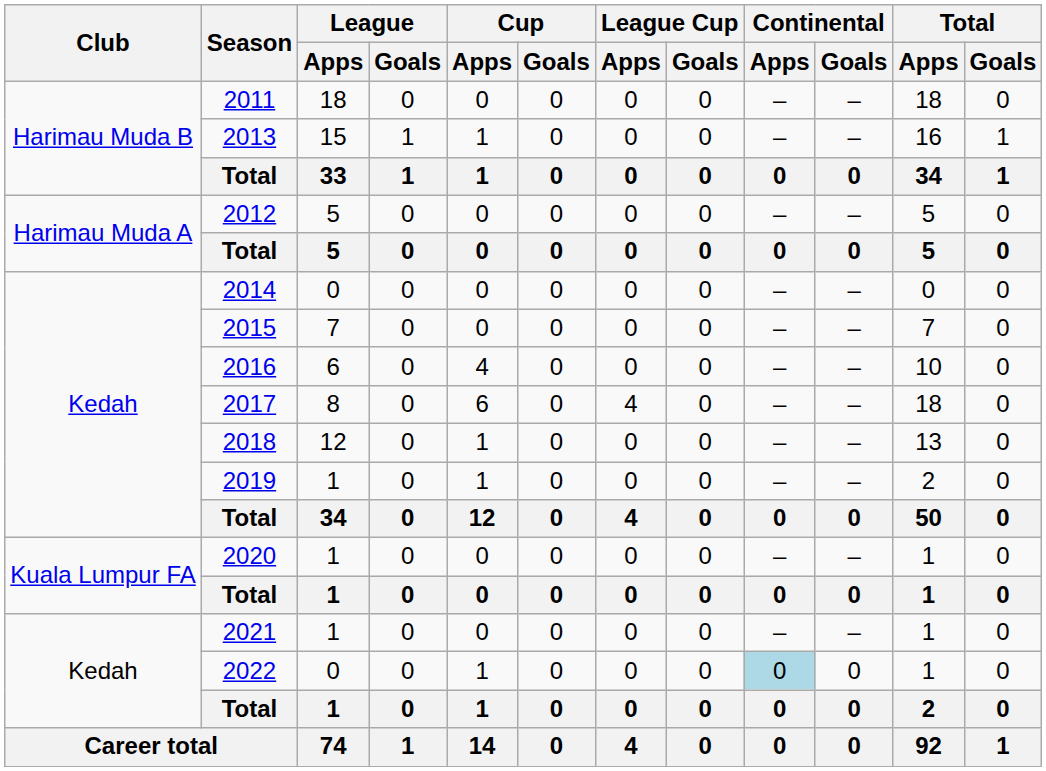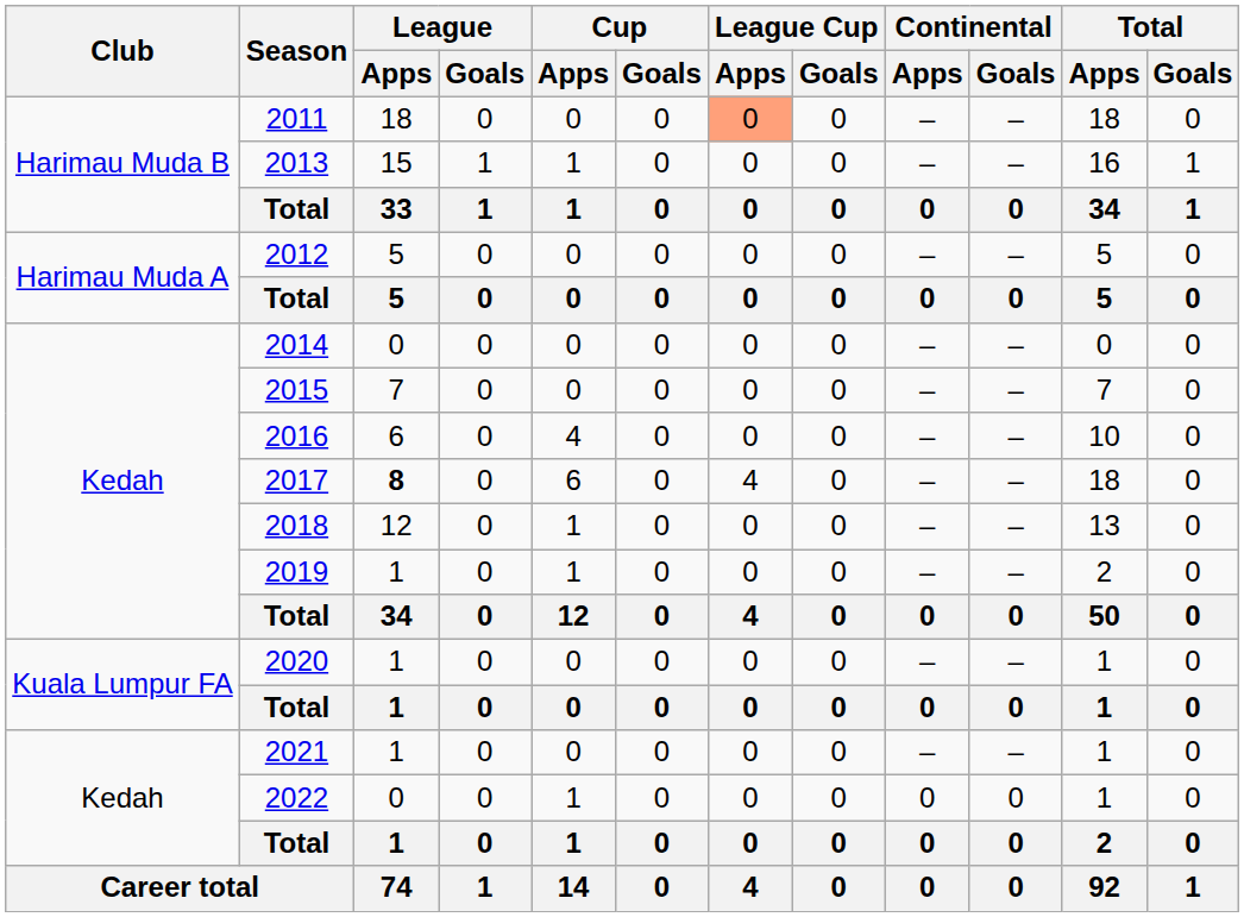 <table class="wikitable" style="text-align: center;">
 <tr>
 <th rowspan="2">Club</th>
 <th rowspan="2">Season</th>
 <th colspan="2">League</th>
 <th colspan="2">Cup</th>
 <th colspan="2">League Cup</th>
 <th colspan="2">Continental</th>
 <th colspan="2">Total</th>
 </tr>
 <tr>
 <th>Apps</th>
 <th>Goals</th>
 <th>Apps</th>
 <th>Goals</th>
 <th>Apps</th>
 <th>Goals</th>
 <th>Apps</th>
 <th>Goals</th>
 <th>Apps</th>
 <th>Goals</th>
 </tr>
 <tr>
 <td rowspan="3" valign="center"><a href='#'>Harimau Muda B</a></td>
 <td><a href='#'>2011</a></td>
 <td>18</td>
 <td>0</td>
 <td>0</td>
 <td>0</td>
-<td>0</td>
+<td style="background: lightsalmon;">0</td>
 <td>0</td>
 <td>–</td>
 <td>–</td>
 <td>18</td>
 <td>0</td>
 </tr>
 <tr>
 <td><a href='#'>2013</a></td>
 <td>15</td>
 <td>1</td>
 <td>1</td>
 <td>0</td>
 <td>0</td>
 <td>0</td>
 <td>–</td>
 <td>–</td>
 <td>16</td>
 <td>1</td>
 </tr>
 <tr>
 <th>Total</th>
 <th>33</th>
 <th>1</th>
 <th>1</th>
 <th>0</th>
 <th>0</th>
 <th>0</th>
 <th>0</th>
 <th>0</th>
 <th>34</th>
 <th>1</th>
 </tr>
 <tr>
 <td rowspan="2" valign="center"><a href='#'>Harimau Muda A</a></td>
 <td><a href='#'>2012</a></td>
 <td>5</td>
 <td>0</td>
 <td>0</td>
 <td>0</td>
 <td>0</td>
 <td>0</td>
 <td>–</td>
 <td>–</td>
 <td>5</td>
 <td>0</td>
 </tr>
 <tr>
 <th>Total</th>
 <th>5</th>
 <th>0</th>
 <th>0</th>
 <th>0</th>
 <th>0</th>
 <th>0</th>
 <th>0</th>
 <th>0</th>
 <th>5</th>
 <th>0</th>
 </tr>
 <tr>
 <td rowspan="7" valign="center"><a href='#'>Kedah</a></td>
 <td><a href='#'>2014</a></td>
 <td>0</td>
 <td>0</td>
 <td>0</td>
 <td>0</td>
 <td>0</td>
 <td>0</td>
 <td>–</td>
 <td>–</td>
 <td>0</td>
 <td>0</td>
 </tr>
 <tr>
 <td><a href='#'>2015</a></td>
 <td>7</td>
 <td>0</td>
 <td>0</td>
 <td>0</td>
 <td>0</td>
 <td>0</td>
 <td>–</td>
 <td>–</td>
 <td>7</td>
 <td>0</td>
 </tr>
 <tr>
 <td><a href='#'>2016</a></td>
 <td>6</td>
 <td>0</td>
 <td>4</td>
 <td>0</td>
 <td>0</td>
 <td>0</td>
 <td>–</td>
 <td>–</td>
 <td>10</td>
 <td>0</td>
 </tr>
 <tr>
 <td><a href='#'>2017</a></td>
-<td>8</td>
+<td><strong>8</strong></td>
 <td>0</td>
 <td>6</td>
 <td>0</td>
 <td>4</td>
 <td>0</td>
 <td>–</td>
 <td>–</td>
 <td>18</td>
 <td>0</td>
 </tr>
 <tr>
 <td><a href='#'>2018</a></td>
 <td>12</td>
 <td>0</td>
 <td>1</td>
 <td>0</td>
 <td>0</td>
 <td>0</td>
 <td>–</td>
 <td>–</td>
 <td>13</td>
 <td>0</td>
 </tr>
 <tr>
 <td><a href='#'>2019</a></td>
 <td>1</td>
 <td>0</td>
 <td>1</td>
 <td>0</td>
 <td>0</td>
 <td>0</td>
 <td>–</td>
 <td>–</td>
 <td>2</td>
 <td>0</td>
 </tr>
 <tr>
 <th>Total</th>
 <th>34</th>
 <th>0</th>
 <th>12</th>
 <th>0</th>
 <th>4</th>
 <th>0</th>
 <th>0</th>
 <th>0</th>
 <th>50</th>
 <th>0</th>
 </tr>
 <tr>
 <td rowspan="2" valign="center"><a href='#'>Kuala Lumpur FA</a></td>
 <td><a href='#'>2020</a></td>
 <td>1</td>
 <td>0</td>
 <td>0</td>
 <td>0</td>
 <td>0</td>
 <td>0</td>
 <td>–</td>
 <td>–</td>
 <td>1</td>
 <td>0</td>
 </tr>
 <tr>
 <th>Total</th>
 <th>1</th>
 <th>0</th>
 <th>0</th>
 <th>0</th>
 <th>0</th>
 <th>0</th>
 <th>0</th>
 <th>0</th>
 <th>1</th>
 <th>0</th>
 </tr>
 <tr>
 <td rowspan="3" valign="center">Kedah</td>
 <td><a href='#'>2021</a></td>
 <td>1</td>
 <td>0</td>
 <td>0</td>
 <td>0</td>
 <td>0</td>
 <td>0</td>
 <td>–</td>
 <td>–</td>
 <td>1</td>
 <td>0</td>
 </tr>
 <tr>
 <td><a href='#'>2022</a></td>
 <td>0</td>
 <td>0</td>
 <td>1</td>
 <td>0</td>
 <td>0</td>
 <td>0</td>
-<td style="background: lightblue;">0</td>
+<td>0</td>
 <td>0</td>
 <td>1</td>
 <td>0</td>
 </tr>
 <tr>
 <th>Total</th>
 <th>1</th>
 <th>0</th>
 <th>1</th>
 <th>0</th>
 <th>0</th>
 <th>0</th>
 <th>0</th>
 <th>0</th>
 <th>2</th>
 <th>0</th>
 </tr>
 <tr>
 <th colspan=2>Career total</th>
 <th>74</th>
 <th>1</th>
 <th>14</th>
 <th>0</th>
 <th>4</th>
 <th>0</th>
 <th>0</th>
 <th>0</th>
 <th>92</th>
 <th>1</th>
 </tr>
 </table>
